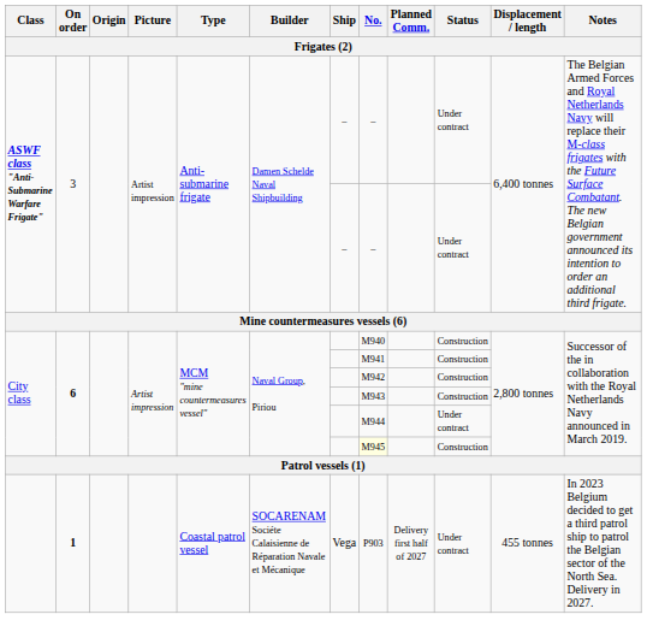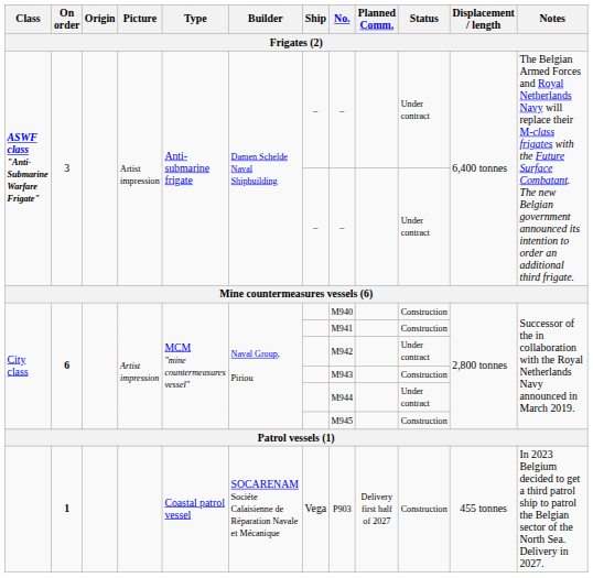 <table class="wikitable">
 <tr>
 <th>Class</th>
 <th>On order</th>
 <th>Origin</th>
 <th>Picture</th>
 <th>Type</th>
 <th>Builder</th>
 <th>Ship</th>
 <th><a href='#'>No.</a></th>
 <th>Planned <a href='#'>Comm.</a></th>
 <th>Status</th>
 <th>Displacement / length</th>
 <th>Notes</th>
 </tr>
 <tr>
 <th colspan="12">Frigates (2)</th>
 </tr>
 <tr>
 <td rowspan="2"><a href='#'><strong><em>ASWF<em> class<strong></a><br><small>"A</em>nti-Submarine Warfare Frigate"<em></small></td>
 <td rowspan="2" style="text-align: center;"></strong>3<strong></td>
 <td rowspan="2"><br> <small></small></td>
 <td rowspan="2"><br><small></em>Artist impression<em></small></td>
 <td rowspan="2"><a href='#'>Anti-submarine frigate</a></td>
 <td rowspan="2"><a href='#'><small>Damen Schelde Naval Shipbuilding</small></a></td>
 <td style="text-align: center;"><small>–</small></td>
 <td style="text-align: center;"><small>–</small></td>
 <td><small></small></td>
 <td><small>Under contract</small></td>
 <td rowspan="2">6,400 tonnes</td>
 <td rowspan="2">The Belgian Armed Forces  and <a href='#'>Royal Netherlands Navy</a> will replace their <a href='#'></em>M<em>-class frigates</a> with the <a href='#'>Future Surface Combatant</a>. The new Belgian government announced its intention to order an additional third frigate.</td>
 </tr>
 <tr>
 <td style="text-align: center;"><small>–</small></td>
 <td style="text-align: center;"><small>–</small></td>
 <td><small></small></td>
 <td><small>Under contract</small></td>
 </tr>
 <tr>
 <th colspan="12">Mine countermeasures vessels (6)</th>
 </tr>
 <tr>
 <td rowspan="6"><a href='#'></em></strong>City</em> class</strong></a></td>
 <td rowspan="6" style="text-align: center;"><strong>6</strong></td>
 <td rowspan="6"></td>
 <td rowspan="6"><br><small><em>Artist impression</em></small></td>
 <td rowspan="6"><a href='#'>MCM</a><br><small><em>"mine countermeasures vessel"</em></small></td>
 <td rowspan="6"><small><a href='#'>Naval Group</a>,</small><br><small></small><br><small>Piriou</small></td>
 <td><small></small></td>
 <td><small>M940</small></td>
 <td><small> </small></td>
 <td><small>Construction</small></td>
 <td rowspan="6">2,800 tonnes</td>
 <td rowspan="6">Successor of the  in collaboration with the Royal Netherlands Navy announced in March 2019.</td>
 </tr>
 <tr>
 <td><small></small></td>
 <td><small>M941</small></td>
 <td><small> </small></td>
 <td><small>Construction</small></td>
 </tr>
 <tr>
 <td><small></small></td>
 <td><small>M942</small></td>
 <td><small> </small></td>
-<td><small>Construction</small></td>
+<td><small>Under contract</small></td>
 </tr>
 <tr>
 <td><small></small></td>
 <td><small>M943</small></td>
 <td><small> </small></td>
 <td><small>Construction</small></td>
 </tr>
 <tr>
 <td><small></small></td>
 <td><small>M944</small></td>
 <td><small> </small></td>
 <td><small>Under contract</small></td>
 </tr>
 <tr>
 <td><small></small></td>
-<td style="background: lightyellow;"><small>M945</small></td>
+<td><small>M945</small></td>
 <td><small> </small></td>
 <td><small>Construction</small></td>
 </tr>
 <tr>
 <th colspan="12">Patrol vessels (1)</th>
 </tr>
 <tr>
 <td><strong></strong></td>
 <td style="text-align: center;"><strong>1</strong></td>
 <td></td>
 <td style="text-align: center;"></td>
 <td><a href='#'>Coastal patrol vessel</a></td>
 <td><a href='#'>SOCARENAM</a><br><small>Sociéte Calaisienne de Réparation Navale et Mécanique</small></td>
 <td style="text-align: center;">Vega</td>
 <td style="text-align: center;"><small>P903</small></td>
 <td style="text-align: center;"><small>Delivery first half of 2027</small></td>
-<td><small>Under contract</small></td>
+<td><small>Construction</small></td>
 <td style="text-align: center;">455 tonnes</td>
 <td>In 2023 Belgium decided to get a third patrol ship to patrol the Belgian sector of the North Sea. Delivery in 2027.</td>
 </tr>
 </table>
